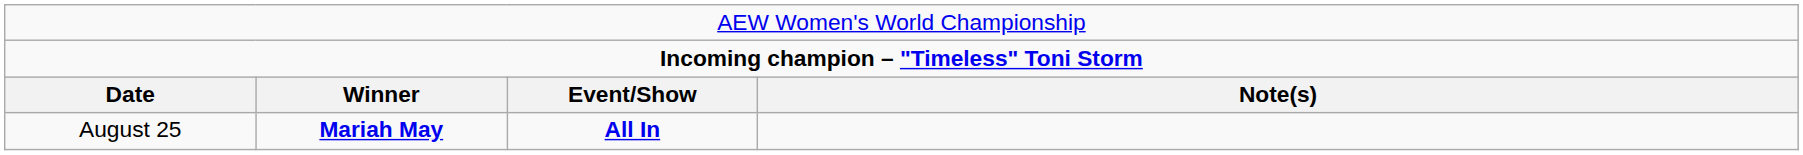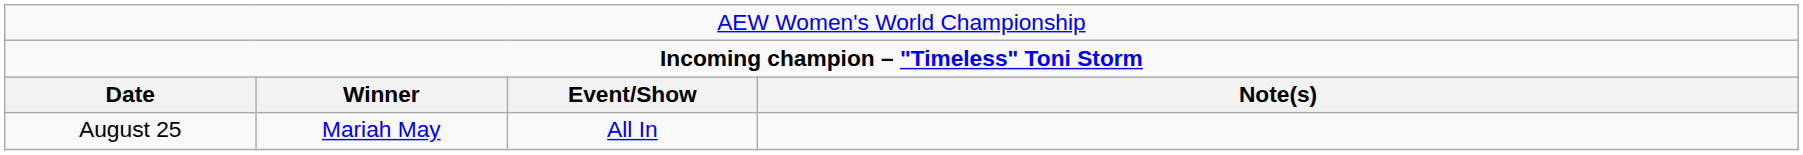 <table class="wikitable" style="text-align:center; width:100%;">
 <tr>
 <td colspan="4" style="text-align: center;"><a href='#'>AEW Women's World Championship</a></td>
 </tr>
 <tr>
 <td colspan="4" style="text-align: center;"><strong>Incoming champion – <a href='#'>"Timeless" Toni Storm</a></strong></td>
 </tr>
 <tr>
 <th width=14%>Date</th>
 <th width=14%>Winner</th>
 <th width=14%>Event/Show</th>
 <th width=58%>Note(s)</th>
 </tr>
 <tr>
 <td>August 25</td>
-<td><strong><a href='#'>Mariah May</a></strong></td>
-<td><strong><a href='#'>All In</a></strong></td>
+<td><a href='#'>Mariah May</a></td>
+<td><a href='#'>All In</a></td>
 <td></td>
 </tr>
 </table>
